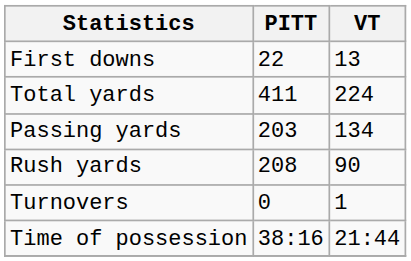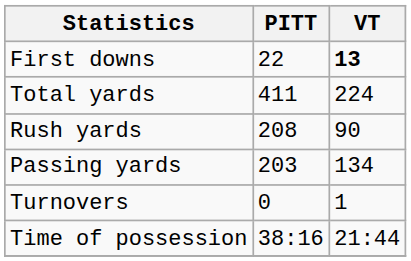 <table class="wikitable" style="float: left;">
 <tr>
 <th>Statistics</th>
 <th>PITT</th>
 <th>VT</th>
 </tr>
 <tr>
 <td>First downs</td>
 <td>22</td>
-<td>13</td>
+<td><strong>13</strong></td>
 </tr>
 <tr>
 <td>Total yards</td>
 <td>411</td>
 <td>224</td>
 </tr>
 <tr>
+<td>Rush yards</td>
+<td>208</td>
+<td>90</td>
+</tr>
+<tr>
 <td>Passing yards</td>
 <td>203</td>
 <td>134</td>
-</tr>
-<tr>
-<td>Rush yards</td>
-<td>208</td>
-<td>90</td>
 </tr>
 <tr>
 <td>Turnovers</td>
 <td>0</td>
 <td>1</td>
 </tr>
 <tr>
 <td>Time of possession</td>
 <td>38:16</td>
 <td>21:44</td>
 </tr>
 <tr>
 </tr>
 </table>
